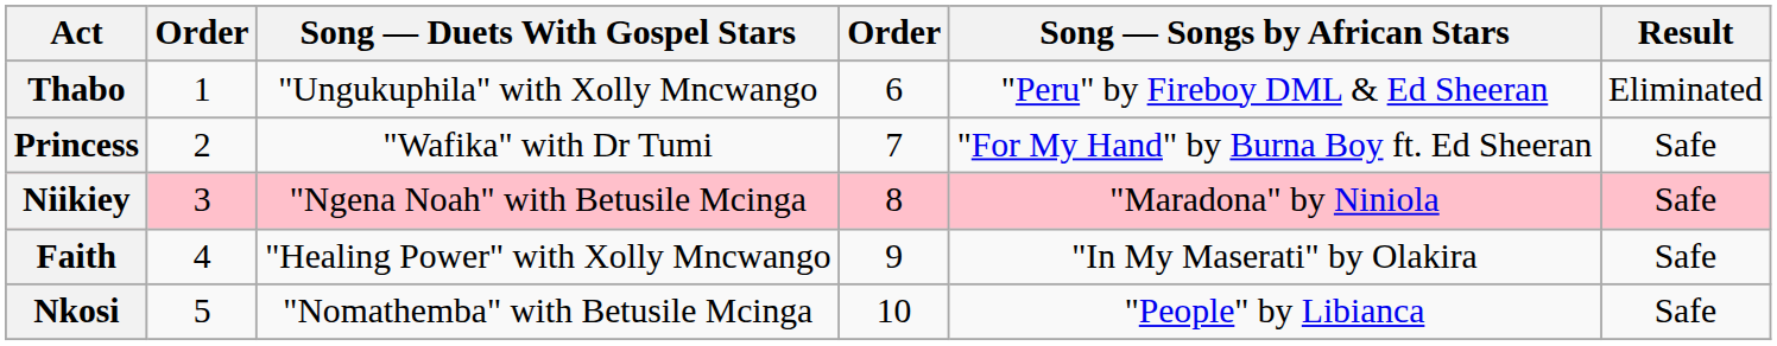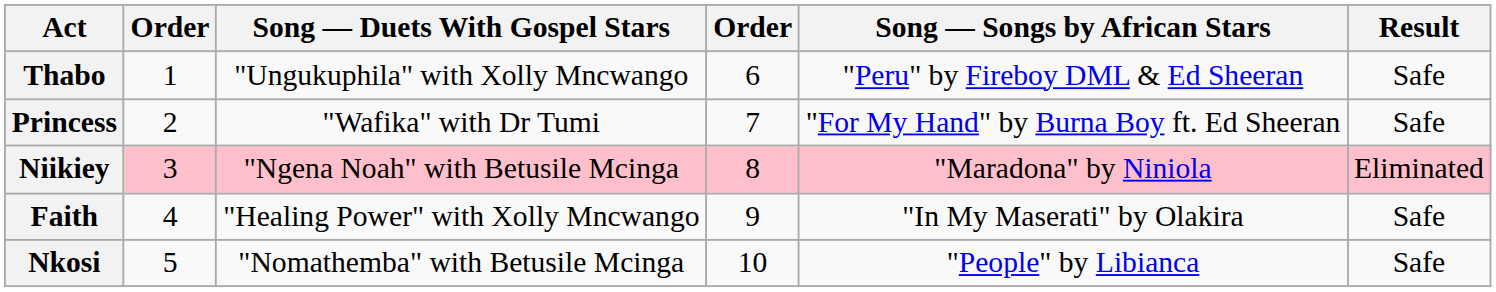 <table class="wikitable plainrowheaders" style="text-align:center;">
 <tr>
 <th scope"col">Act</th>
 <th scope"col">Order</th>
 <th scope"col">Song — Duets With Gospel Stars</th>
 <th scope"col">Order</th>
 <th scope"col">Song — Songs by African Stars</th>
 <th scope"col">Result</th>
 </tr>
 <tr>
 <th scope=row>Thabo</th>
 <td>1</td>
 <td>"Ungukuphila" with Xolly Mncwango</td>
 <td>6</td>
 <td>"<a href='#'>Peru</a>" by <a href='#'>Fireboy DML</a> & <a href='#'>Ed Sheeran</a></td>
-<td>Eliminated</td>
+<td>Safe</td>
 </tr>
 <tr>
 <th scope=row>Princess</th>
 <td>2</td>
 <td>"Wafika" with Dr Tumi</td>
 <td>7</td>
 <td>"<a href='#'>For My Hand</a>" by <a href='#'>Burna Boy</a> ft. Ed Sheeran</td>
 <td>Safe</td>
 </tr>
 <tr bgcolor="pink">
 <th scope=row>Niikiey</th>
 <td>3</td>
 <td>"Ngena Noah" with Betusile Mcinga</td>
 <td>8</td>
 <td>"Maradona" by <a href='#'>Niniola</a></td>
-<td>Safe</td>
+<td>Eliminated</td>
 </tr>
 <tr>
 <th scope=row>Faith</th>
 <td>4</td>
 <td>"Healing Power" with Xolly Mncwango</td>
 <td>9</td>
 <td>"In My Maserati" by Olakira</td>
 <td>Safe</td>
 </tr>
 <tr>
 <th scope=row>Nkosi</th>
 <td>5</td>
 <td>"Nomathemba" with Betusile Mcinga</td>
 <td>10</td>
 <td>"<a href='#'>People</a>" by <a href='#'>Libianca</a></td>
 <td>Safe</td>
 </tr>
 </table>
